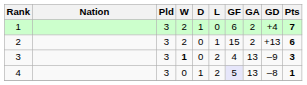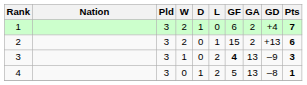 <table class="wikitable" style="text-align: center;">
 <tr>
 <th width=5>Rank</th>
 <th width=200>Nation</th>
 <th width=20>Pld</th>
 <th width=20>W</th>
 <th width=20>D</th>
 <th width=20>L</th>
 <th width=20>GF</th>
 <th width=20>GA</th>
 <th width=25>GD</th>
 <th width=20>Pts</th>
 </tr>
 <tr style="background:#ccffcc">
 <td>1</td>
 <td style="text-align:left"></td>
 <td>3</td>
 <td>2</td>
 <td>1</td>
 <td>0</td>
 <td>6</td>
 <td>2</td>
 <td>+4</td>
 <td><strong>7</strong></td>
 </tr>
 <tr>
 <td>2</td>
 <td style="text-align:left"></td>
 <td>3</td>
 <td>2</td>
 <td>0</td>
 <td>1</td>
 <td>15</td>
 <td>2</td>
 <td>+13</td>
 <td><strong>6</strong></td>
 </tr>
 <tr>
 <td>3</td>
 <td style="text-align:left"></td>
 <td>3</td>
-<td><strong>1</strong></td>
+<td>1</td>
 <td>0</td>
 <td>2</td>
-<td>4</td>
+<td><strong>4</strong></td>
 <td>13</td>
 <td>–9</td>
 <td><strong>3</strong></td>
 </tr>
 <tr>
 <td>4</td>
 <td style="text-align:left"></td>
 <td>3</td>
 <td>0</td>
 <td>1</td>
 <td>2</td>
-<td style="background: lavender;">5</td>
+<td>5</td>
 <td>13</td>
 <td>–8</td>
 <td><strong>1</strong></td>
 </tr>
 <tr>
 </tr>
 </table>
